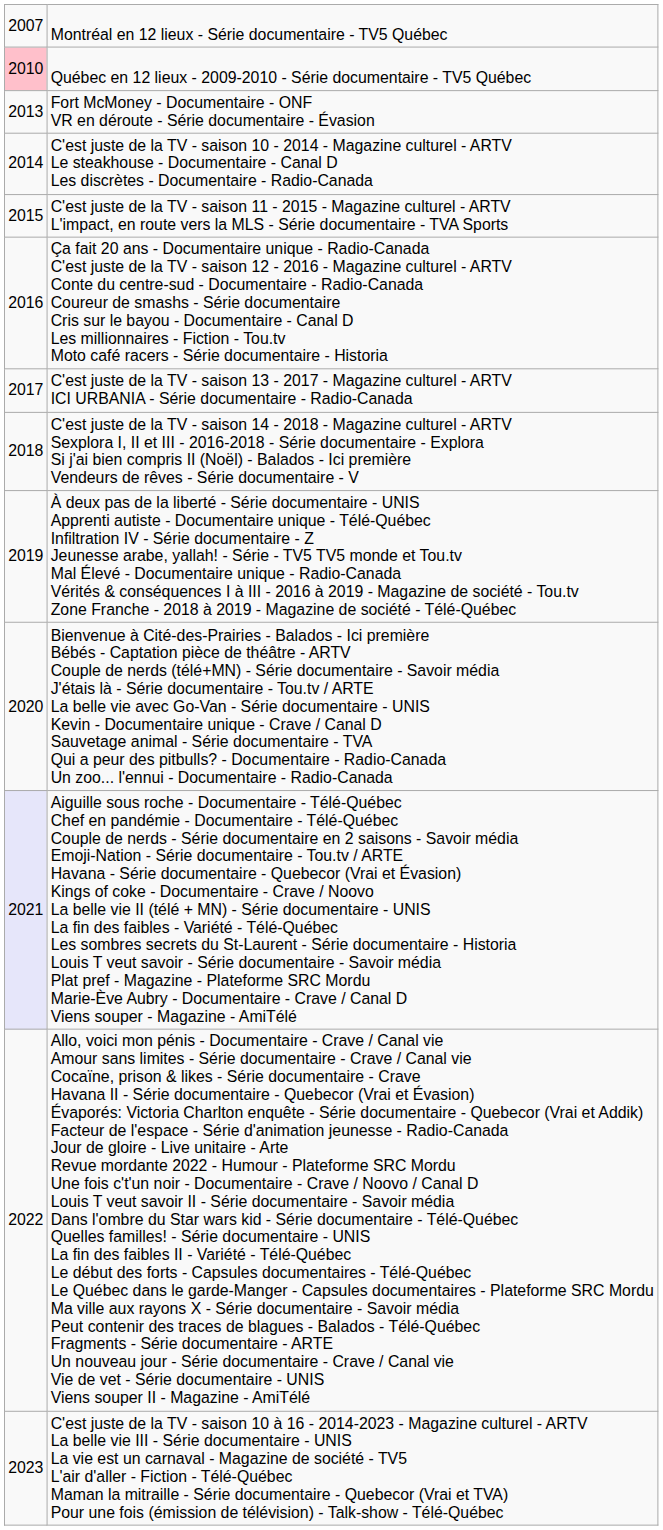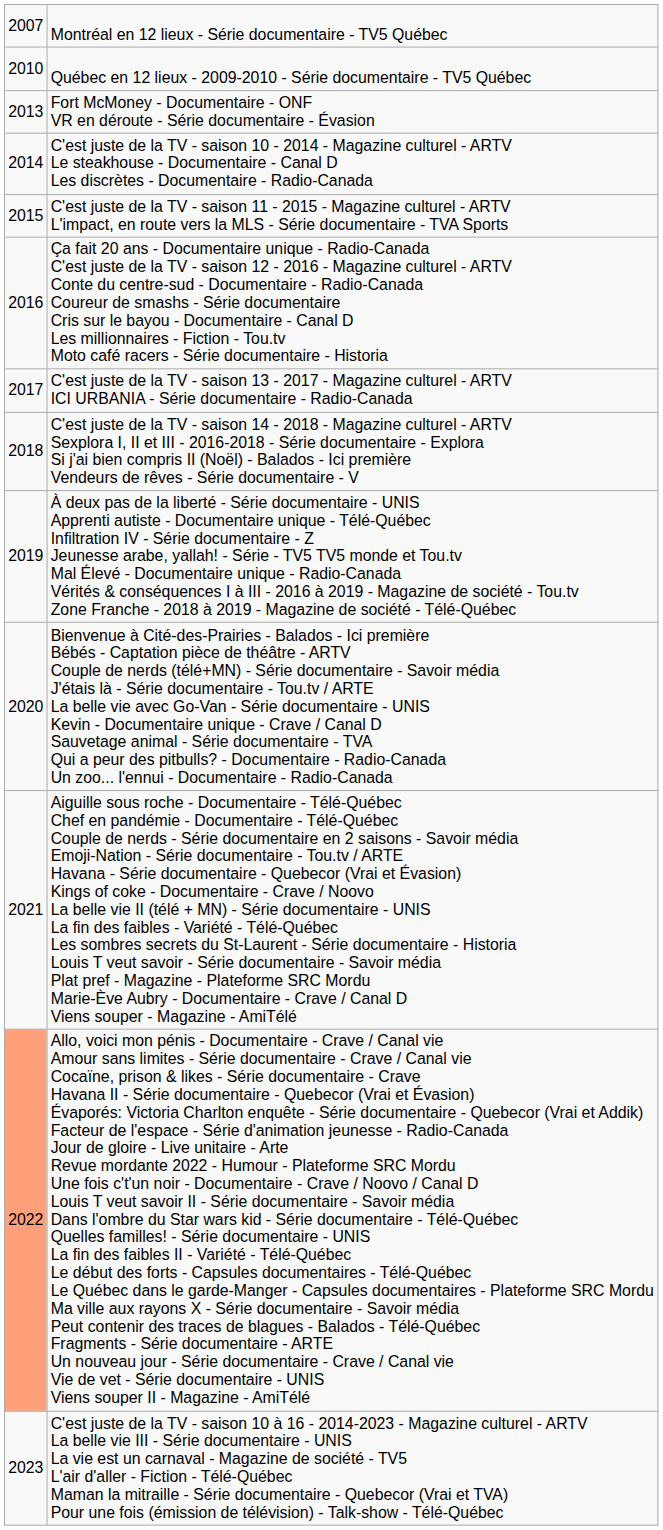 <table class="wikitable">
 <tr>
 <td>2007</td>
 <td><br>Montréal en 12 lieux - Série documentaire - TV5 Québec</td>
 </tr>
 <tr>
-<td style="background: pink;">2010</td>
+<td>2010</td>
 <td><br>Québec en 12 lieux - 2009-2010 - Série documentaire - TV5 Québec</td>
 </tr>
 <tr>
 <td>2013</td>
 <td>Fort McMoney - Documentaire - ONF<br>VR en déroute - Série documentaire - Évasion</td>
 </tr>
 <tr>
 <td>2014</td>
 <td>C'est juste de la TV - saison 10 - 2014 - Magazine culturel - ARTV<br>Le steakhouse - Documentaire - Canal D<br>Les discrètes - Documentaire - Radio-Canada</td>
 </tr>
 <tr>
 <td>2015</td>
 <td>C'est juste de la TV - saison 11 - 2015 - Magazine culturel - ARTV<br>L'impact, en route vers la MLS - Série documentaire - TVA Sports</td>
 </tr>
 <tr>
 <td>2016</td>
 <td>Ça fait 20 ans - Documentaire unique - Radio-Canada<br>C'est juste de la TV - saison 12 - 2016 - Magazine culturel - ARTV<br>Conte du centre-sud - Documentaire - Radio-Canada<br>Coureur de smashs - Série documentaire<br>Cris sur le bayou - Documentaire - Canal D<br>Les millionnaires - Fiction - Tou.tv<br>Moto café racers - Série documentaire - Historia</td>
 </tr>
 <tr>
 <td>2017</td>
 <td>C'est juste de la TV - saison 13 - 2017 - Magazine culturel - ARTV<br>ICI URBANIA - Série documentaire - Radio-Canada</td>
 </tr>
 <tr>
 <td>2018</td>
 <td>C'est juste de la TV - saison 14 - 2018 - Magazine culturel - ARTV<br>Sexplora I, II et III - 2016-2018 - Série documentaire - Explora<br>Si j'ai bien compris II (Noël) - Balados - Ici première<br>Vendeurs de rêves - Série documentaire - V</td>
 </tr>
 <tr>
 <td>2019</td>
 <td>À deux pas de la liberté - Série documentaire - UNIS<br>Apprenti autiste - Documentaire unique - Télé-Québec<br>Infiltration IV - Série documentaire - Z<br>Jeunesse arabe, yallah! - Série - TV5 TV5 monde et Tou.tv<br>Mal Élevé - Documentaire unique - Radio-Canada<br>Vérités & conséquences I à III - 2016 à 2019 - Magazine de société - Tou.tv<br>Zone Franche - 2018 à 2019 - Magazine de société - Télé-Québec</td>
 </tr>
 <tr>
 <td>2020</td>
 <td>Bienvenue à Cité-des-Prairies - Balados - Ici première<br>Bébés - Captation pièce de théâtre - ARTV<br>Couple de nerds (télé+MN) - Série documentaire - Savoir média<br>J'étais là - Série documentaire - Tou.tv / ARTE<br>La belle vie avec Go-Van - Série documentaire - UNIS<br>Kevin - Documentaire unique - Crave / Canal D <br>Sauvetage animal - Série documentaire - TVA<br>Qui a peur des pitbulls? - Documentaire - Radio-Canada<br>Un zoo... l'ennui - Documentaire - Radio-Canada</td>
 </tr>
 <tr>
-<td style="background: lavender;">2021</td>
+<td>2021</td>
 <td>Aiguille sous roche - Documentaire - Télé-Québec<br>Chef en pandémie - Documentaire - Télé-Québec<br>Couple de nerds - Série documentaire en 2 saisons - Savoir média<br>Emoji-Nation - Série documentaire - Tou.tv / ARTE<br>Havana - Série documentaire - Quebecor (Vrai et Évasion)<br>Kings of coke - Documentaire - Crave / Noovo<br>La belle vie II (télé + MN) - Série documentaire - UNIS<br>La fin des faibles - Variété - Télé-Québec<br>Les sombres secrets du St-Laurent - Série documentaire - Historia<br>Louis T veut savoir - Série documentaire - Savoir média<br>Plat pref - Magazine - Plateforme SRC Mordu<br>Marie-Ève Aubry - Documentaire - Crave / Canal D<br>Viens souper - Magazine - AmiTélé</td>
 </tr>
 <tr>
-<td>2022</td>
+<td style="background: lightsalmon;">2022</td>
 <td>Allo, voici mon pénis - Documentaire - Crave / Canal vie<br>Amour sans limites - Série documentaire - Crave / Canal vie<br>Cocaïne, prison & likes - Série documentaire - Crave<br>Havana II - Série documentaire - Quebecor (Vrai et Évasion)<br>Évaporés: Victoria Charlton enquête - Série documentaire - Quebecor (Vrai et Addik)<br>Facteur de l'espace - Série d'animation jeunesse - Radio-Canada<br>Jour de gloire - Live unitaire - Arte<br>Revue mordante 2022 - Humour - Plateforme SRC Mordu<br>Une fois c't'un noir - Documentaire - Crave / Noovo / Canal D<br>Louis T veut savoir II - Série documentaire - Savoir média<br>Dans l'ombre du Star wars kid - Série documentaire - Télé-Québec<br>Quelles familles! - Série documentaire - UNIS<br>La fin des faibles II - Variété - Télé-Québec<br>Le début des forts - Capsules documentaires - Télé-Québec<br>Le Québec dans le garde-Manger - Capsules documentaires - Plateforme SRC Mordu<br>Ma ville aux rayons X - Série documentaire - Savoir média<br>Peut contenir des traces de blagues - Balados - Télé-Québec<br>Fragments - Série documentaire - ARTE<br>Un nouveau jour - Série documentaire - Crave / Canal vie<br>Vie de vet - Série documentaire - UNIS<br>Viens souper II - Magazine - AmiTélé</td>
 </tr>
 <tr>
 <td>2023</td>
 <td>C'est juste de la TV - saison 10 à 16 - 2014-2023 - Magazine culturel - ARTV<br>La belle vie III - Série documentaire - UNIS<br>La vie est un carnaval - Magazine de société - TV5<br>L'air d'aller - Fiction - Télé-Québec<br>Maman la mitraille - Série documentaire - Quebecor (Vrai et TVA)<br>Pour une fois (émission de télévision) - Talk-show - Télé-Québec</td>
 </tr>
 </table>
